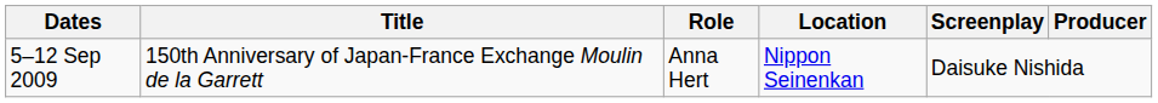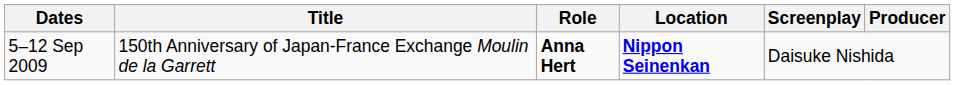 <table class="wikitable">
 <tr>
 <th>Dates</th>
 <th>Title</th>
 <th>Role</th>
 <th>Location</th>
 <th>Screenplay</th>
 <th>Producer</th>
 </tr>
 <tr>
 <td>5–12 Sep 2009</td>
 <td>150th Anniversary of Japan-France Exchange <em>Moulin de la Garrett</em></td>
-<td>Anna Hert</td>
-<td><a href='#'>Nippon Seinenkan</a></td>
+<td><strong>Anna Hert</strong></td>
+<td><strong><a href='#'>Nippon Seinenkan</a></strong></td>
 <td colspan="2">Daisuke Nishida</td>
 </tr>
 </table>
